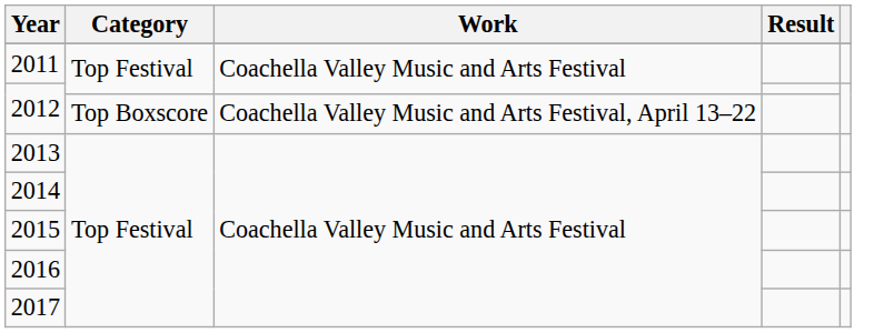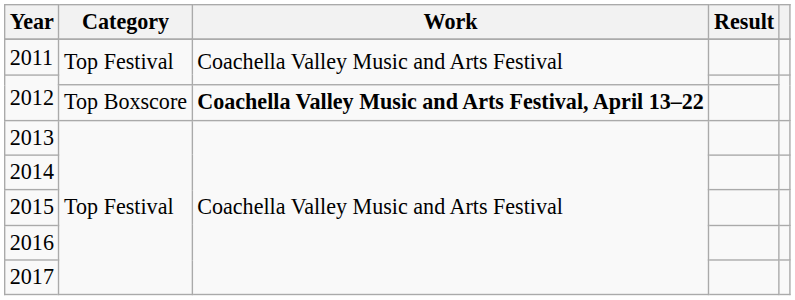 <table class="wikitable">
 <tr>
 <th>Year</th>
 <th>Category</th>
 <th>Work</th>
 <th>Result</th>
 <th></th>
 </tr>
 <tr>
 </tr>
 <tr>
 <td>2011</td>
 <td rowspan="2">Top Festival</td>
 <td rowspan="2">Coachella Valley Music and Arts Festival</td>
 <td></td>
 <td></td>
 </tr>
 <tr>
 <td rowspan="2">2012</td>
 <td></td>
 <td rowspan="2"></td>
 </tr>
 <tr>
 <td>Top Boxscore</td>
-<td>Coachella Valley Music and Arts Festival, April 13–22</td>
+<td><strong>Coachella Valley Music and Arts Festival, April 13–22</strong></td>
 <td></td>
 </tr>
 <tr>
 <td>2013</td>
 <td rowspan="5">Top Festival</td>
 <td rowspan="5">Coachella Valley Music and Arts Festival</td>
 <td></td>
 <td></td>
 </tr>
 <tr>
 <td>2014</td>
 <td></td>
 <td></td>
 </tr>
 <tr>
 <td>2015</td>
 <td></td>
 <td></td>
 </tr>
 <tr>
 <td>2016</td>
 <td></td>
 <td></td>
 </tr>
 <tr>
 <td>2017</td>
 <td></td>
 <td></td>
 </tr>
 </table>
